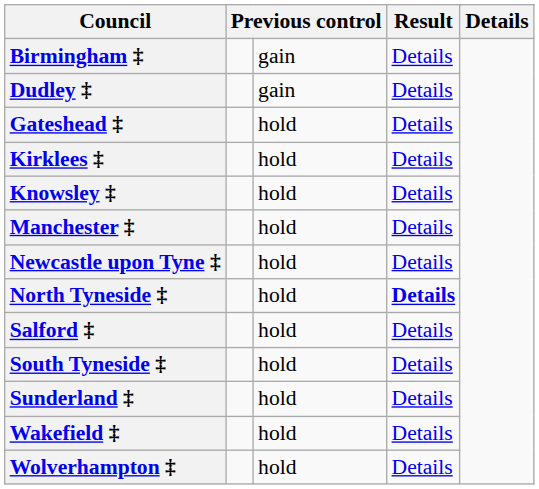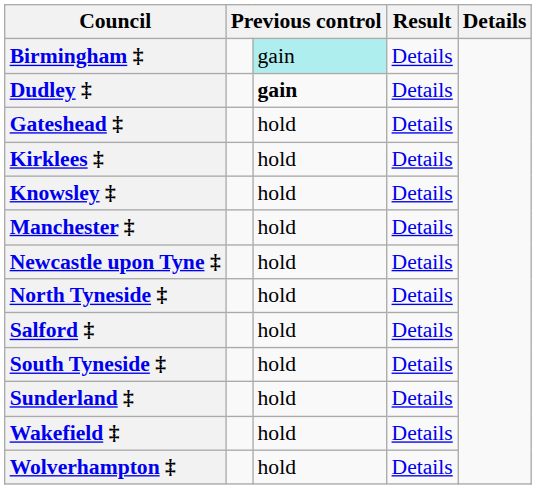 <table class="wikitable sortable" border="1">
 <tr>
 <th scope="col">Council</th>
 <th colspan=2>Previous control</th>
 <th colspan=2>Result</th>
 <th class="unsortable" scope="col">Details</th>
 </tr>
 <tr>
 <th scope="row" style="text-align: left;"><a href='#'>Birmingham</a> ‡</th>
 <td></td>
-<td> gain</td>
+<td style="background: paleturquoise;"> gain</td>
 <td><a href='#'>Details</a></td>
 </tr>
 <tr>
 <th scope="row" style="text-align: left;"><a href='#'>Dudley</a> ‡</th>
 <td></td>
-<td> gain</td>
+<td><strong> gain</strong></td>
 <td><a href='#'>Details</a></td>
 </tr>
 <tr>
 <th scope="row" style="text-align: left;"><a href='#'>Gateshead</a> ‡</th>
 <td></td>
 <td> hold</td>
 <td><a href='#'>Details</a></td>
 </tr>
 <tr>
 <th scope="row" style="text-align: left;"><a href='#'>Kirklees</a> ‡</th>
 <td></td>
 <td> hold</td>
 <td><a href='#'>Details</a></td>
 </tr>
 <tr>
 <th scope="row" style="text-align: left;"><a href='#'>Knowsley</a> ‡</th>
 <td></td>
 <td> hold</td>
 <td><a href='#'>Details</a></td>
 </tr>
 <tr>
 <th scope="row" style="text-align: left;"><a href='#'>Manchester</a> ‡</th>
 <td></td>
 <td> hold</td>
 <td><a href='#'>Details</a></td>
 </tr>
 <tr>
 <th scope="row" style="text-align: left;"><a href='#'>Newcastle upon Tyne</a> ‡</th>
 <td></td>
 <td> hold</td>
 <td><a href='#'>Details</a></td>
 </tr>
 <tr>
 <th scope="row" style="text-align: left;"><a href='#'>North Tyneside</a> ‡</th>
 <td></td>
 <td> hold</td>
-<td><strong><a href='#'>Details</a></strong></td>
+<td><a href='#'>Details</a></td>
 </tr>
 <tr>
 <th scope="row" style="text-align: left;"><a href='#'>Salford</a> ‡</th>
 <td></td>
 <td> hold</td>
 <td><a href='#'>Details</a></td>
 </tr>
 <tr>
 <th scope="row" style="text-align: left;"><a href='#'>South Tyneside</a> ‡</th>
 <td></td>
 <td> hold</td>
 <td><a href='#'>Details</a></td>
 </tr>
 <tr>
 <th scope="row" style="text-align: left;"><a href='#'>Sunderland</a> ‡</th>
 <td></td>
 <td> hold</td>
 <td><a href='#'>Details</a></td>
 </tr>
 <tr>
 <th scope="row" style="text-align: left;"><a href='#'>Wakefield</a> ‡</th>
 <td></td>
 <td> hold</td>
 <td><a href='#'>Details</a></td>
 </tr>
 <tr>
 <th scope="row" style="text-align: left;"><a href='#'>Wolverhampton</a> ‡</th>
 <td></td>
 <td> hold</td>
 <td><a href='#'>Details</a></td>
 </tr>
 </table>
